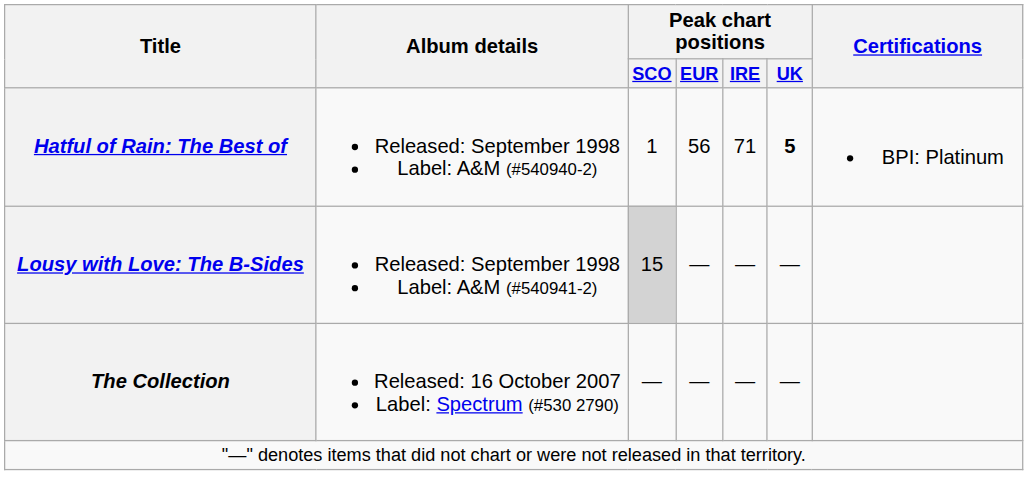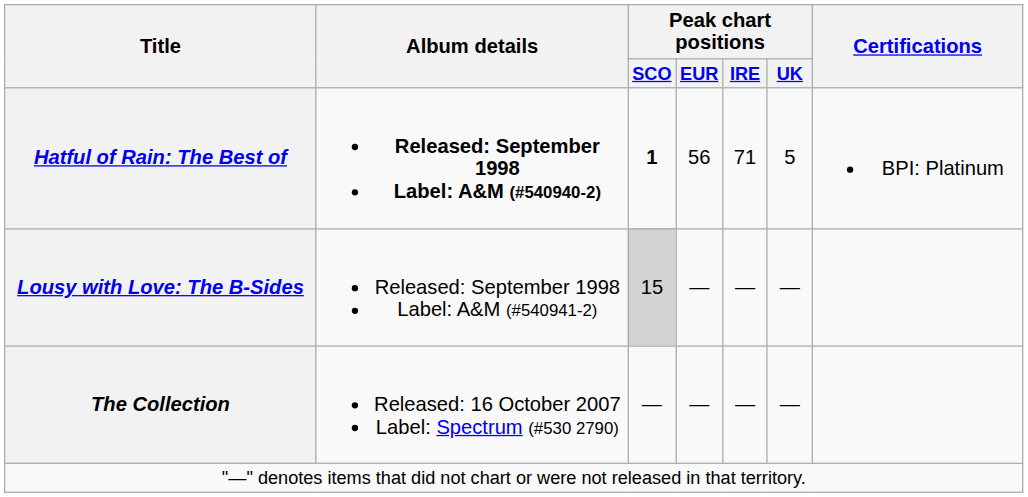 <table class="wikitable plainrowheaders" style="text-align:center;">
 <tr>
 <th scope="col" rowspan="2" style="width:15em;">Title</th>
 <th scope="col" rowspan="2" style="width:15em;">Album details</th>
 <th scope="col" colspan="4">Peak chart positions</th>
 <th scope="col" rowspan="2" style="width:10em;"><a href='#'>Certifications</a></th>
 </tr>
 <tr>
 <th style="width:2em;font-size:90%;"><a href='#'>SCO</a><br></th>
 <th style="width:2em;font-size:90%;"><a href='#'>EUR</a><br></th>
 <th style="width:2em;font-size:90%;"><a href='#'>IRE</a><br></th>
 <th style="width:2em;font-size:90%;"><a href='#'>UK</a><br></th>
 </tr>
 <tr>
 <th scope="row"><em><a href='#'>Hatful of Rain: The Best of</a></em></th>
-<td><br><ul><li>Released: September 1998</li><li>Label: A&M <small>(#540940-2)</small></li></ul></td>
-<td>1</td>
+<td><strong><br><ul><li>Released: September 1998</li><li>Label: A&M <small>(#540940-2)</small></li></ul></strong></td>
+<td><strong>1</strong></td>
 <td>56</td>
 <td>71</td>
-<td><strong>5</strong></td>
+<td>5</td>
 <td><br><ul><li>BPI: Platinum</li></ul></td>
 </tr>
 <tr>
 <th scope="row"><em><a href='#'>Lousy with Love: The B-Sides</a></em></th>
 <td><br><ul><li>Released: September 1998</li><li>Label: A&M <small>(#540941-2)</small></li></ul></td>
 <td style="background: lightgrey;">15</td>
 <td>—</td>
 <td>—</td>
 <td>—</td>
 <td></td>
 </tr>
 <tr>
 <th scope="row"><em>The Collection</em></th>
 <td><br><ul><li>Released: 16 October 2007</li><li>Label: <a href='#'>Spectrum</a> <small>(#530 2790)</small></li></ul></td>
 <td>—</td>
 <td>—</td>
 <td>—</td>
 <td>—</td>
 <td></td>
 </tr>
 <tr>
 <td align="center" colspan="15" style="font-size:90%">"—" denotes items that did not chart or were not released in that territory.</td>
 </tr>
 </table>
